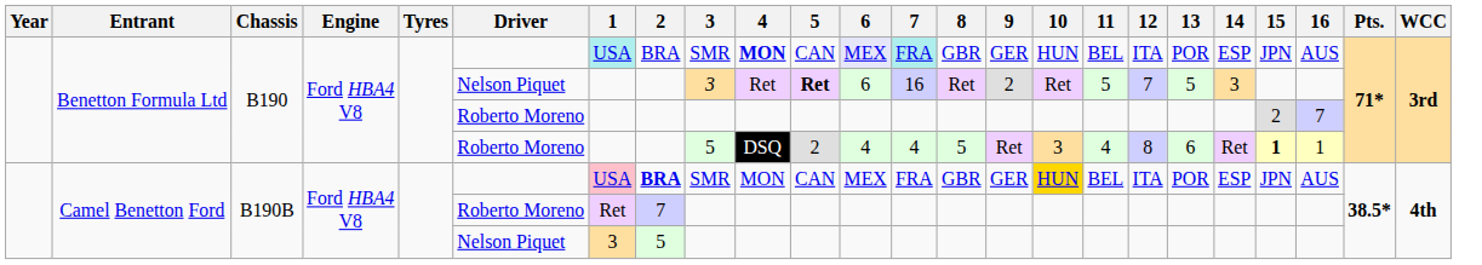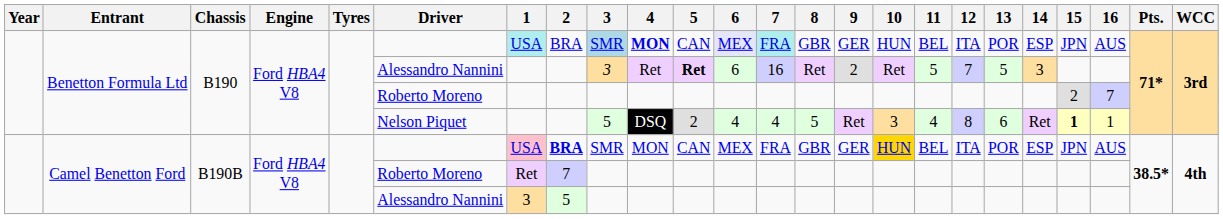 <table class="wikitable" style="text-align:center; font-size:95%">
 <tr>
 <th>Year</th>
 <th>Entrant</th>
 <th>Chassis</th>
 <th>Engine</th>
 <th>Tyres</th>
 <th>Driver</th>
 <th>1</th>
 <th>2</th>
 <th>3</th>
 <th>4</th>
 <th>5</th>
 <th>6</th>
 <th>7</th>
 <th>8</th>
 <th>9</th>
 <th>10</th>
 <th>11</th>
 <th>12</th>
 <th>13</th>
 <th>14</th>
 <th>15</th>
 <th>16</th>
 <th>Pts.</th>
 <th>WCC</th>
 </tr>
 <tr>
 <td rowspan="4"></td>
 <td rowspan="4"><a href='#'>Benetton Formula Ltd</a></td>
 <td rowspan="4">B190</td>
 <td rowspan="4"><a href='#'>Ford</a> <em><a href='#'>HBA4</a></em><br><a href='#'>V8</a></td>
 <td rowspan="4"></td>
 <td></td>
 <td style="background: paleturquoise;"><a href='#'>USA</a></td>
 <td><a href='#'>BRA</a></td>
-<td><a href='#'>SMR</a></td>
+<td style="background: lightblue;"><a href='#'>SMR</a></td>
 <td><strong><a href='#'>MON</a></strong></td>
 <td><a href='#'>CAN</a></td>
 <td style="background: lavender;"><a href='#'>MEX</a></td>
 <td style="background: paleturquoise;"><a href='#'>FRA</a></td>
 <td><a href='#'>GBR</a></td>
 <td><a href='#'>GER</a></td>
 <td><a href='#'>HUN</a></td>
 <td><a href='#'>BEL</a></td>
 <td><a href='#'>ITA</a></td>
 <td><a href='#'>POR</a></td>
 <td><a href='#'>ESP</a></td>
 <td><a href='#'>JPN</a></td>
 <td><a href='#'>AUS</a></td>
 <td rowspan="4" style="background:#ffdf9f;"><strong>71*</strong></td>
 <td rowspan="4" style="background:#ffdf9f;"><strong>3rd</strong></td>
 </tr>
 <tr>
-<td align="left"><a href='#'>Nelson Piquet</a></td>
+<td align="left"><a href='#'>Alessandro Nannini</a></td>
 <td></td>
 <td></td>
 <td style="background:#ffdf9f;"><em>3</em></td>
 <td style="background:#efcfff;">Ret</td>
 <td style="background:#efcfff;"><strong>Ret</strong></td>
 <td style="background:#dfffdf;">6</td>
 <td style="background:#cfcfff;">16</td>
 <td style="background:#efcfff;">Ret</td>
 <td style="background:#dfdfdf;">2</td>
 <td style="background:#efcfff;">Ret</td>
 <td style="background:#dfffdf;">5</td>
 <td style="background:#cfcfff;">7</td>
 <td style="background:#dfffdf;">5</td>
 <td style="background:#ffdf9f;">3</td>
 <td></td>
 <td></td>
 </tr>
 <tr>
 <td align="left"><a href='#'>Roberto Moreno</a></td>
 <td></td>
 <td></td>
 <td></td>
 <td></td>
 <td></td>
 <td></td>
 <td></td>
 <td></td>
 <td></td>
 <td></td>
 <td></td>
 <td></td>
 <td></td>
 <td></td>
 <td style="background:#dfdfdf;">2</td>
 <td style="background:#cfcfff;">7</td>
 </tr>
 <tr>
-<td align="left"><a href='#'>Roberto Moreno</a></td>
+<td align="left"><a href='#'>Nelson Piquet</a></td>
 <td></td>
 <td></td>
 <td style="background:#dfffdf;">5</td>
 <td style="background:#000000; color:white">DSQ</td>
 <td style="background:#dfdfdf;">2</td>
 <td style="background:#dfffdf;">4</td>
 <td style="background:#dfffdf;">4</td>
 <td style="background:#dfffdf;">5</td>
 <td style="background:#efcfff;">Ret</td>
 <td style="background:#ffdf9f;">3</td>
 <td style="background:#dfffdf;">4</td>
 <td style="background:#cfcfff;">8</td>
 <td style="background:#dfffdf;">6</td>
 <td style="background:#efcfff;">Ret</td>
 <td style="background:#ffffbf;"><strong>1</strong></td>
 <td style="background:#ffffbf;">1</td>
 </tr>
 <tr>
 <td rowspan="3"></td>
 <td rowspan="3"><a href='#'>Camel</a> <a href='#'>Benetton</a> <a href='#'>Ford</a></td>
 <td rowspan="3">B190B</td>
 <td rowspan="3"><a href='#'>Ford</a> <em><a href='#'>HBA4</a></em><br><a href='#'>V8</a></td>
 <td rowspan="3"></td>
 <td></td>
 <td style="background: pink;"><a href='#'>USA</a></td>
 <td><strong><a href='#'>BRA</a></strong></td>
 <td><a href='#'>SMR</a></td>
 <td><a href='#'>MON</a></td>
 <td><a href='#'>CAN</a></td>
 <td><a href='#'>MEX</a></td>
 <td><a href='#'>FRA</a></td>
 <td><a href='#'>GBR</a></td>
 <td><a href='#'>GER</a></td>
 <td style="background: gold;"><a href='#'>HUN</a></td>
 <td><a href='#'>BEL</a></td>
 <td><a href='#'>ITA</a></td>
 <td><a href='#'>POR</a></td>
 <td><a href='#'>ESP</a></td>
 <td><a href='#'>JPN</a></td>
 <td><a href='#'>AUS</a></td>
 <td rowspan="3"><strong>38.5*</strong></td>
 <td rowspan="3"><strong>4th</strong></td>
 </tr>
 <tr>
 <td align="left"><a href='#'>Roberto Moreno</a></td>
 <td style="background:#efcfff;">Ret</td>
 <td style="background:#cfcfff;">7</td>
 <td></td>
 <td></td>
 <td></td>
 <td></td>
 <td></td>
 <td></td>
 <td></td>
 <td></td>
 <td></td>
 <td></td>
 <td></td>
 <td></td>
 <td></td>
 <td></td>
 </tr>
 <tr>
-<td align="left"><a href='#'>Nelson Piquet</a></td>
+<td align="left"><a href='#'>Alessandro Nannini</a></td>
 <td style="background:#ffdf9f;">3</td>
 <td style="background:#dfffdf;">5</td>
 <td></td>
 <td></td>
 <td></td>
 <td></td>
 <td></td>
 <td></td>
 <td></td>
 <td></td>
 <td></td>
 <td></td>
 <td></td>
 <td></td>
 <td></td>
 <td></td>
 </tr>
 </table>
